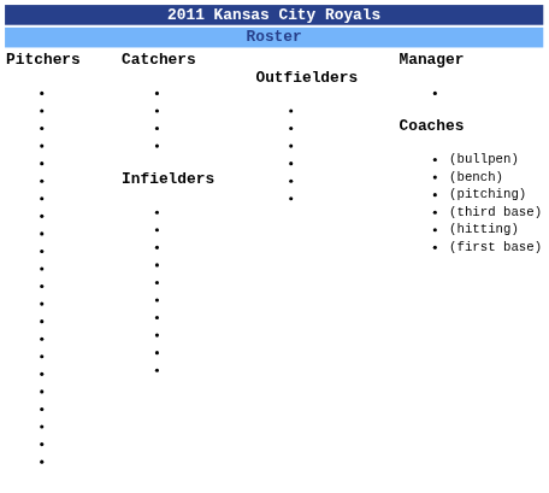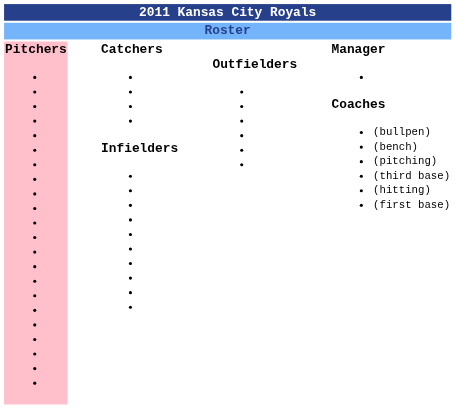 <table class="toccolours" style="font-size: 95%;">
 <tr>
 <th colspan="10" style="background-color: #27408B; color: #FFFFFF; text-align: center;">2011 Kansas City Royals</th>
 </tr>
 <tr>
 <td colspan="10" style="background-color: #74B4FA; color: #27408B; text-align: center;"><strong>Roster</strong></td>
 </tr>
 <tr>
-<td valign="top"><strong>Pitchers</strong><br><ul><li></li><li></li><li></li><li></li><li></li><li></li><li></li><li></li><li></li><li></li><li></li><li></li><li></li><li></li><li></li><li></li><li></li><li></li><li></li><li></li><li></li><li></li></ul></td>
+<td valign="top" style="background: pink;"><strong>Pitchers</strong><br><ul><li></li><li></li><li></li><li></li><li></li><li></li><li></li><li></li><li></li><li></li><li></li><li></li><li></li><li></li><li></li><li></li><li></li><li></li><li></li><li></li><li></li><li></li></ul></td>
 <td width="25px"></td>
 <td valign="top"><strong>Catchers</strong><br><ul><li></li><li></li><li></li><li></li></ul><strong>Infielders</strong><ul><li></li><li></li><li></li><li></li><li></li><li></li><li></li><li></li><li></li><li></li></ul></td>
 <td width="25px"></td>
 <td valign="top"><br><strong>Outfielders</strong><ul><li></li><li></li><li></li><li></li><li></li><li></li></ul></td>
 <td width="25px"></td>
 <td valign="top"><strong>Manager</strong><br><ul><li></li></ul><strong>Coaches</strong><ul><li> <small>(bullpen)</small></li><li> <small>(bench)</small></li><li> <small>(pitching)</small></li><li> <small>(third base)</small></li><li> <small>(hitting)</small></li><li> <small>(first base)</small></li></ul></td>
 </tr>
 </table>
